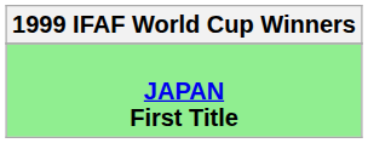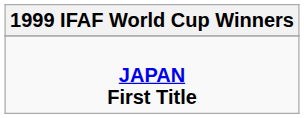 <table class="wikitable" style="text-align: center; margin: 0 auto;">
 <tr>
 <th>1999 IFAF World Cup Winners</th>
 </tr>
 <tr>
 </tr>
 <tr>
-<td style="background: lightgreen;"><br><strong><a href='#'>JAPAN</a></strong><br><strong>First Title</strong></td>
+<td><br><strong><a href='#'>JAPAN</a></strong><br><strong>First Title</strong></td>
 </tr>
 </table>
